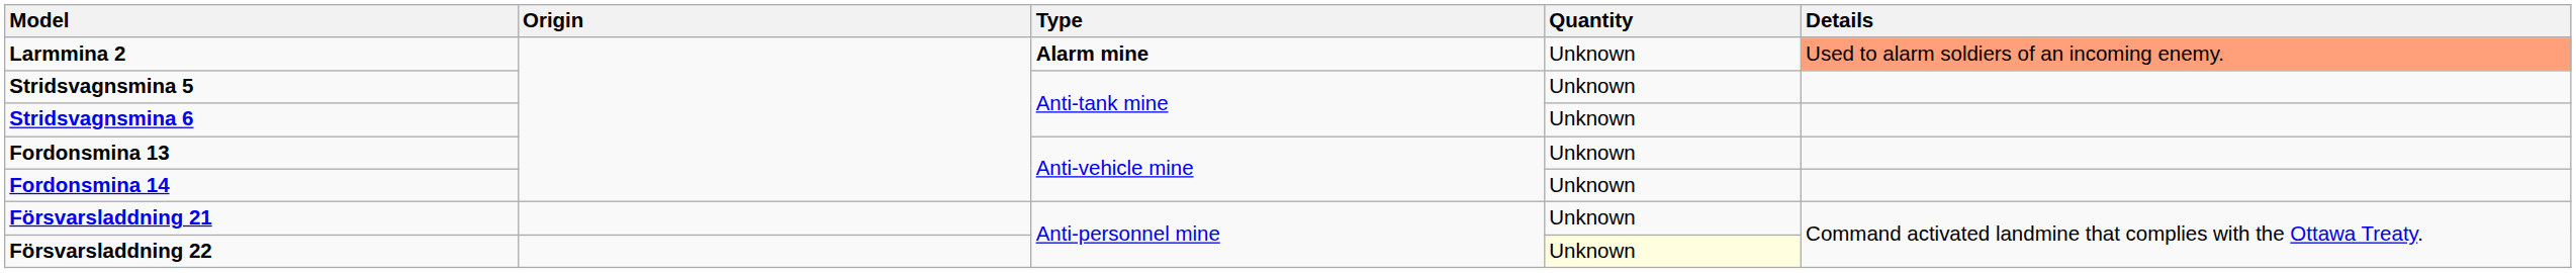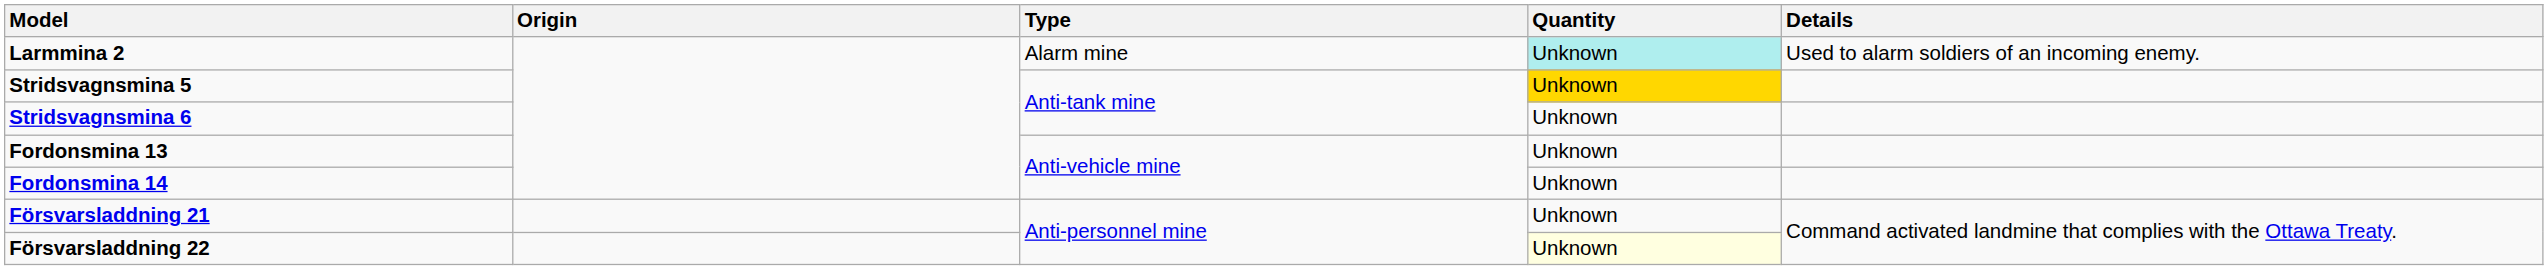 <table class="wikitable" style="width:100%;">
 <tr>
 <th style="text-align:left;width:20%;">Model</th>
 <th style="text-align:left;width:20%;">Origin</th>
 <th style="text-align:left;width:20%;">Type</th>
 <th style="text-align:left;width:10%;">Quantity</th>
 <th style="text-align:left;width:30%;">Details</th>
 </tr>
 <tr>
 <td><strong>Larm­mina 2</strong></td>
 <td rowspan="5"></td>
-<td><strong>Alarm mine</strong></td>
-<td>Unknown</td>
-<td style="background: lightsalmon;">Used to alarm soldiers of an incoming enemy.</td>
+<td>Alarm mine</td>
+<td style="background: paleturquoise;">Unknown</td>
+<td>Used to alarm soldiers of an incoming enemy.</td>
 </tr>
 <tr>
 <td><strong>Stridsvagns­mina 5</strong></td>
 <td rowspan="2"><a href='#'>Anti-tank mine</a></td>
-<td>Unknown</td>
+<td style="background: gold;">Unknown</td>
 <td></td>
 </tr>
 <tr>
 <td><strong><a href='#'>Stridsvagns­mina 6</a></strong></td>
 <td>Unknown</td>
 <td></td>
 </tr>
 <tr>
 <td><strong>Fordons­mina 13</strong></td>
 <td rowspan="2"><a href='#'>Anti-vehicle mine</a></td>
 <td>Unknown</td>
 <td></td>
 </tr>
 <tr>
 <td><strong><a href='#'>Fordons­mina 14</a></strong></td>
 <td>Unknown</td>
 <td></td>
 </tr>
 <tr>
 <td><strong><a href='#'>Försvars­laddning 21</a></strong></td>
 <td></td>
 <td rowspan="2"><a href='#'>Anti-personnel mine</a></td>
 <td>Unknown</td>
 <td rowspan="2">Command activated landmine that complies with the <a href='#'>Ottawa Treaty</a>.</td>
 </tr>
 <tr>
 <td><strong>Försvars­laddning 22</strong></td>
 <td></td>
 <td style="background: lightyellow;">Unknown</td>
 </tr>
 </table>
